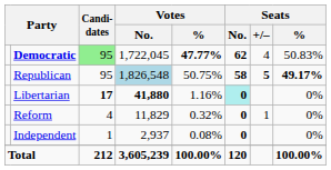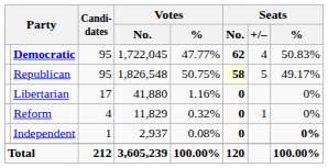 <table class="wikitable" style="font-size:100%; text-align:right;">
 <tr>
 <th colspan=2 rowspan=2>Party</th>
 <th rowspan=2><small>Candi-<br>dates</small></th>
 <th colspan=2>Votes</th>
 <th colspan=3>Seats</th>
 </tr>
 <tr>
 <th>No.</th>
 <th>%</th>
 <th>No.</th>
 <th>+/–</th>
 <th>%</th>
 </tr>
 <tr>
 <td style="background:"></td>
 <td align=left><a href='#'><strong>Democratic</strong></a></td>
-<td style="background: lightgreen;">95</td>
+<td>95</td>
 <td>1,722,045</td>
-<td><strong>47.77%</strong></td>
+<td>47.77%</td>
 <td><strong>62</strong></td>
 <td>4</td>
 <td>50.83%</td>
 </tr>
 <tr>
 <td style="background:"></td>
 <td align=left><a href='#'>Republican</a></td>
 <td>95</td>
-<td style="background: lightblue;">1,826,548</td>
+<td>1,826,548</td>
 <td>50.75%</td>
-<td><strong>58</strong></td>
-<td><strong>5</strong></td>
-<td><strong>49.17%</strong></td>
+<td style="background: lightyellow;"><strong>58</strong></td>
+<td>5</td>
+<td>49.17%</td>
 </tr>
 <tr>
 <td style="background:"></td>
 <td align=left><a href='#'>Libertarian</a></td>
-<td><strong>17</strong></td>
-<td><strong>41,880</strong></td>
+<td>17</td>
+<td>41,880</td>
 <td>1.16%</td>
-<td style="background: paleturquoise;"><strong>0</strong></td>
+<td><strong>0</strong></td>
 <td></td>
 <td>0%</td>
 </tr>
 <tr>
 <td style="background:"></td>
 <td align=left><a href='#'>Reform</a></td>
 <td>4</td>
 <td>11,829</td>
 <td>0.32%</td>
 <td><strong>0</strong></td>
 <td>1</td>
 <td>0%</td>
 </tr>
 <tr>
 <td style="background:"></td>
 <td align=left><a href='#'>Independent</a></td>
 <td>1</td>
 <td>2,937</td>
 <td>0.08%</td>
 <td><strong>0</strong></td>
 <td></td>
-<td>0%</td>
+<td><strong>0%</strong></td>
 </tr>
 <tr>
 </tr>
 <tr style="font-weight:bold">
 <td colspan=2 align=left>Total</td>
 <td>212</td>
 <td>3,605,239</td>
 <td>100.00%</td>
 <td>120</td>
 <td></td>
 <td>100.00%</td>
 </tr>
 </table>
